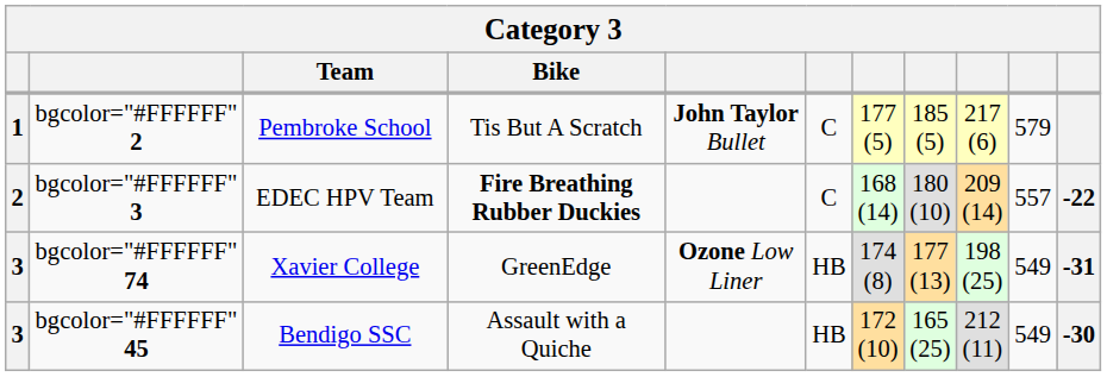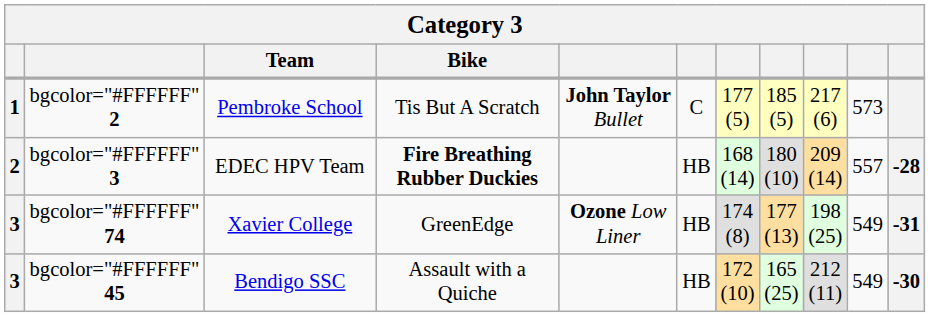 <table class="wikitable collapsible collapsed" style="font-size: 85%; text-align:center">
 <tr>
 <th colspan="11" width="500"><big>Category 3</big></th>
 </tr>
 <tr>
 <th valign="middle" width="5"></th>
 <th valign="middle" width="10"></th>
 <th valign="middle" width="150">Team</th>
 <th valign="middle" width="160">Bike</th>
 <th valign="middle" width="100"></th>
 <th valign="middle" width="6"></th>
 <th><a href='#'></a><br></th>
 <th><a href='#'></a><br></th>
 <th><a href='#'></a><br></th>
 <th valign="middle" width="4"></th>
 <th width="5" valign="middle"></th>
 </tr>
 <tr>
 </tr>
 <tr style="border-top:2px solid #aaaaaa">
 <th>1</th>
 <td>bgcolor="#FFFFFF" <strong>2</strong></td>
 <td> <a href='#'>Pembroke School</a></td>
 <td>Tis But A Scratch</td>
 <td><strong>John Taylor</strong> <em>Bullet</em></td>
 <td>C</td>
 <td bgcolor="#FFFFBF">177 (5)</td>
 <td bgcolor="#FFFFBF">185 (5)</td>
 <td bgcolor="#FFFFBF">217 (6)</td>
-<td>579</td>
+<td>573</td>
 <th></th>
 </tr>
 <tr>
 <th>2</th>
 <td>bgcolor="#FFFFFF" <strong>3</strong></td>
 <td> EDEC HPV Team</td>
 <td><strong>Fire Breathing Rubber Duckies</strong></td>
 <td></td>
-<td>C</td>
+<td>HB</td>
 <td bgcolor="#dfffdf">168 (14)</td>
 <td bgcolor="#dfdfdf">180 (10)</td>
 <td bgcolor="#ffdf9f">209 (14)</td>
 <td>557</td>
-<th>-22</th>
+<th>-28</th>
 </tr>
 <tr>
 <th>3</th>
 <td>bgcolor="#FFFFFF" <strong>74</strong></td>
 <td> <a href='#'>Xavier College</a></td>
 <td>GreenEdge</td>
 <td><strong>Ozone</strong> <em>Low Liner</em></td>
 <td>HB</td>
 <td bgcolor="#dfdfdf">174 (8)</td>
 <td bgcolor="#ffdf9f">177 (13)</td>
 <td bgcolor="#dfffdf">198 (25)</td>
 <td>549</td>
 <th>-31</th>
 </tr>
 <tr>
 <th>3</th>
 <td>bgcolor="#FFFFFF" <strong>45</strong></td>
 <td> <a href='#'>Bendigo SSC</a></td>
 <td>Assault with a Quiche</td>
 <td></td>
 <td>HB</td>
 <td bgcolor="#ffdf9f">172 (10)</td>
 <td bgcolor="#dfffdf">165 (25)</td>
 <td bgcolor="#dfdfdf">212 (11)</td>
 <td>549</td>
 <th>-30</th>
 </tr>
 </table>
